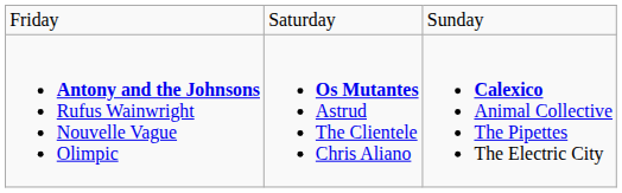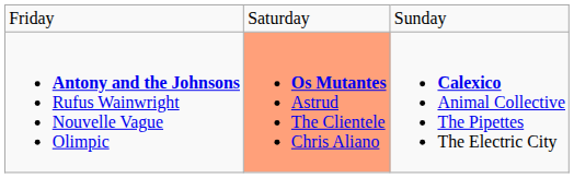 <table class="wikitable">
 <tr>
 <td>Friday</td>
 <td>Saturday</td>
 <td>Sunday</td>
 </tr>
 <tr valign="top">
 <td><br><ul><li><strong><a href='#'>Antony and the Johnsons</a></strong></li><li><a href='#'>Rufus Wainwright</a></li><li><a href='#'>Nouvelle Vague</a></li><li><a href='#'>Olimpic</a></li></ul></td>
-<td><br><ul><li><strong><a href='#'>Os Mutantes</a></strong></li><li><a href='#'>Astrud</a></li><li><a href='#'>The Clientele</a></li><li><a href='#'>Chris Aliano</a></li></ul></td>
+<td style="background: lightsalmon;"><br><ul><li><strong><a href='#'>Os Mutantes</a></strong></li><li><a href='#'>Astrud</a></li><li><a href='#'>The Clientele</a></li><li><a href='#'>Chris Aliano</a></li></ul></td>
 <td><br><ul><li><strong><a href='#'>Calexico</a></strong></li><li><a href='#'>Animal Collective</a></li><li><a href='#'>The Pipettes</a></li><li>The Electric City</li></ul></td>
 </tr>
 </table>
